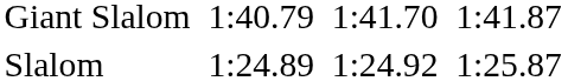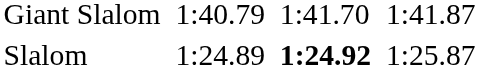 <table>
 <tr>
 <td>Giant Slalom</td>
 <td></td>
 <td>1:40.79</td>
 <td></td>
 <td>1:41.70</td>
 <td></td>
 <td>1:41.87</td>
 </tr>
 <tr>
 <td>Slalom</td>
 <td></td>
 <td>1:24.89</td>
 <td></td>
-<td>1:24.92</td>
+<td><strong>1:24.92</strong></td>
 <td></td>
 <td>1:25.87</td>
 </tr>
 </table>
